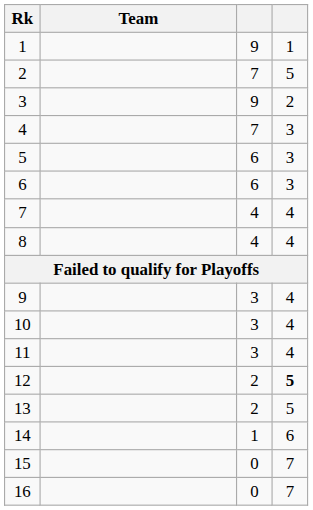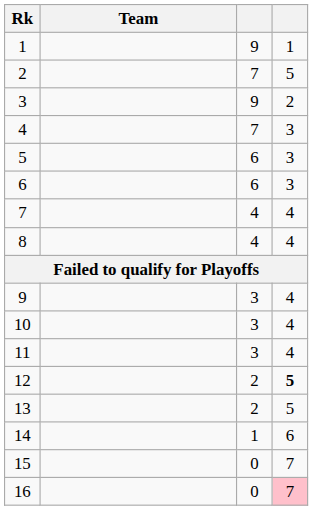 <table class=wikitable style="text-align:center; font-size:95%">
 <tr>
 <th width=25>Rk</th>
 <th width=170>Team</th>
 <th width=25></th>
 <th width=25></th>
 </tr>
 <tr>
 <td>1</td>
 <td align=left></td>
 <td>9</td>
 <td>1</td>
 </tr>
 <tr>
 <td>2</td>
 <td align=left></td>
 <td>7</td>
 <td>5</td>
 </tr>
 <tr>
 <td>3</td>
 <td align=left></td>
 <td>9</td>
 <td>2</td>
 </tr>
 <tr>
 <td>4</td>
 <td align=left></td>
 <td>7</td>
 <td>3</td>
 </tr>
 <tr>
 <td>5</td>
 <td align=left></td>
 <td>6</td>
 <td>3</td>
 </tr>
 <tr>
 <td>6</td>
 <td align=left></td>
 <td>6</td>
 <td>3</td>
 </tr>
 <tr>
 <td>7</td>
 <td align=left></td>
 <td>4</td>
 <td>4</td>
 </tr>
 <tr>
 <td>8</td>
 <td align=left></td>
 <td>4</td>
 <td>4</td>
 </tr>
 <tr>
 <th colspan="8">Failed to qualify for Playoffs</th>
 </tr>
 <tr>
 <td>9</td>
 <td align=left></td>
 <td>3</td>
 <td>4</td>
 </tr>
 <tr>
 <td>10</td>
 <td align=left></td>
 <td>3</td>
 <td>4</td>
 </tr>
 <tr>
 <td>11</td>
 <td align=left></td>
 <td>3</td>
 <td>4</td>
 </tr>
 <tr>
 <td>12</td>
 <td align=left></td>
 <td>2</td>
 <td><strong>5</strong></td>
 </tr>
 <tr>
 <td>13</td>
 <td align=left></td>
 <td>2</td>
 <td>5</td>
 </tr>
 <tr>
 <td>14</td>
 <td align=left></td>
 <td>1</td>
 <td>6</td>
 </tr>
 <tr>
 <td>15</td>
 <td align=left></td>
 <td>0</td>
 <td>7</td>
 </tr>
 <tr>
 <td>16</td>
 <td align=left></td>
 <td>0</td>
-<td>7</td>
+<td style="background: pink;">7</td>
 </tr>
 </table>
